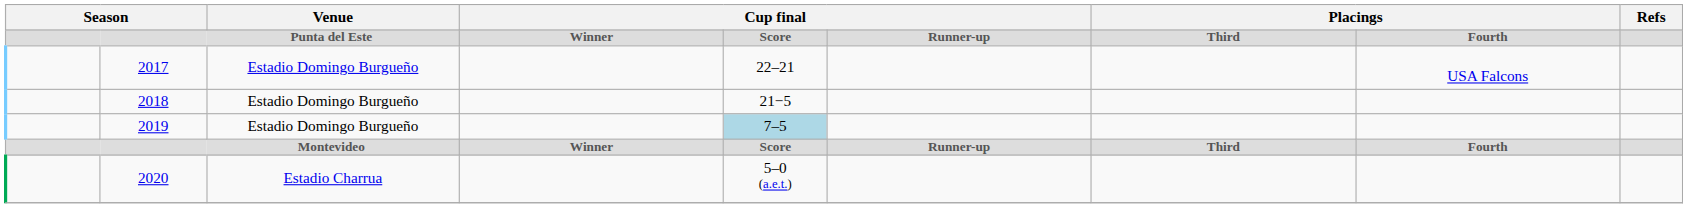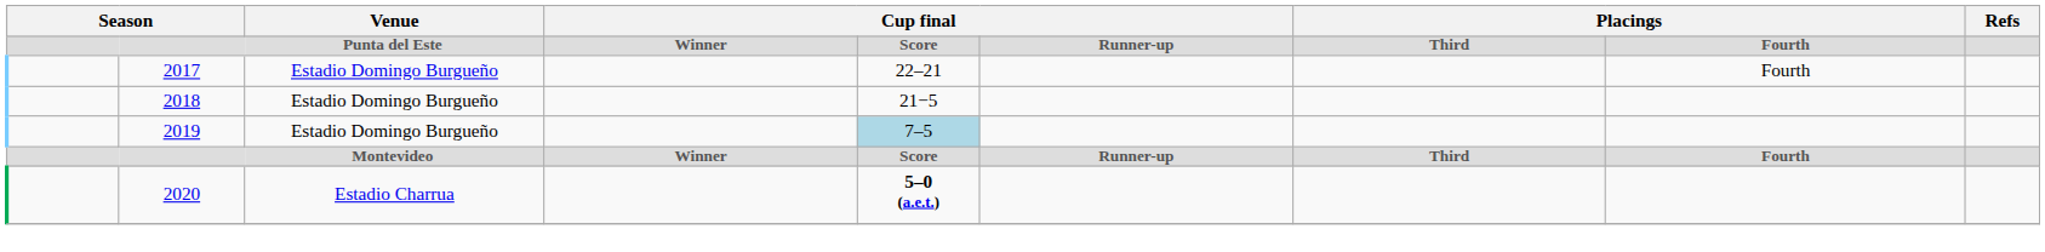 <table class="wikitable" style="font-size:90%; width: 100%; text-align: center;">
 <tr>
 <th colspan=2>Season</th>
 <th>Venue</th>
 <th colspan=3>Cup final</th>
 <th colspan=2>Placings</th>
 <th style="padding:1px;">Refs</th>
 </tr>
 <tr style="line-height:9px; font-size:87%; background-color:#ddd; color:#555; font-weight:bold;">
 <td style="width:3.2em; border-right:0;"></td>
 <td style="width:3.9em; border:0; padding-right:0; text-align:right;"></td>
 <td style="width:9.5em; border-left:0; padding-left:0;">Punta del Este</td>
 <td style="width:9.7em;">Winner</td>
 <td style="width:3.5em;">Score</td>
 <td style="width:9.7em;">Runner-up</td>
 <td style="width:9.7em;">Third</td>
 <td style="width:9.7em;">Fourth</td>
 <td style="width:1.2em;"></td>
 </tr>
 <tr>
 <td style="border-left:3px solid #7cf;"><small></small></td>
 <td><a href='#'>2017</a></td>
 <td><a href='#'>Estadio Domingo Burgueño</a></td>
 <td></td>
 <td>22–21</td>
 <td></td>
 <td></td>
-<td><br><a href='#'>USA Falcons</a></td>
+<td style="width:9.7em;">Fourth</td>
 <td><br></td>
 </tr>
 <tr>
 <td style="border-left:3px solid #7cf;"><small></small></td>
 <td><a href='#'>2018</a></td>
 <td>Estadio Domingo Burgueño</td>
 <td></td>
 <td>21−5</td>
 <td></td>
 <td></td>
 <td></td>
 <td></td>
 </tr>
 <tr>
 <td style="border-left:3px solid #7cf;"><small></small></td>
 <td><a href='#'>2019</a></td>
 <td>Estadio Domingo Burgueño</td>
 <td></td>
 <td style="background: lightblue;">7–5</td>
 <td><br></td>
 <td></td>
 <td></td>
 <td></td>
 </tr>
 <tr style="line-height:9px; font-size:87%; background-color:#ddd; color:#555; font-weight:bold;">
 <td style="width:3.2em; border-right:0;"></td>
 <td style="border:0; padding-right:0; text-align:right;"></td>
 <td style="border-left:0; padding-left:0;">Montevideo</td>
 <td style="width:9.7em;">Winner</td>
 <td style="width:3.5em;">Score</td>
 <td style="width:9.7em;">Runner-up</td>
 <td style="width:9.7em;">Third</td>
 <td style="width:9.7em;">Fourth</td>
 <td style="width:1.2em;"></td>
 </tr>
 <tr>
 <td style="border-left:3px solid #0a5;"><small></small></td>
 <td><a href='#'>2020</a></td>
 <td style="padding:1px;"><a href='#'>Estadio Charrua</a></td>
 <td></td>
-<td>5–0<br><sup>(<a href='#'>a.e.t.</a>)</sup></td>
+<td><strong>5–0<br><sup>(<a href='#'>a.e.t.</a>)</sup></strong></td>
 <td></td>
 <td></td>
 <td></td>
 <td></td>
 </tr>
 <tr>
 </tr>
 </table>
